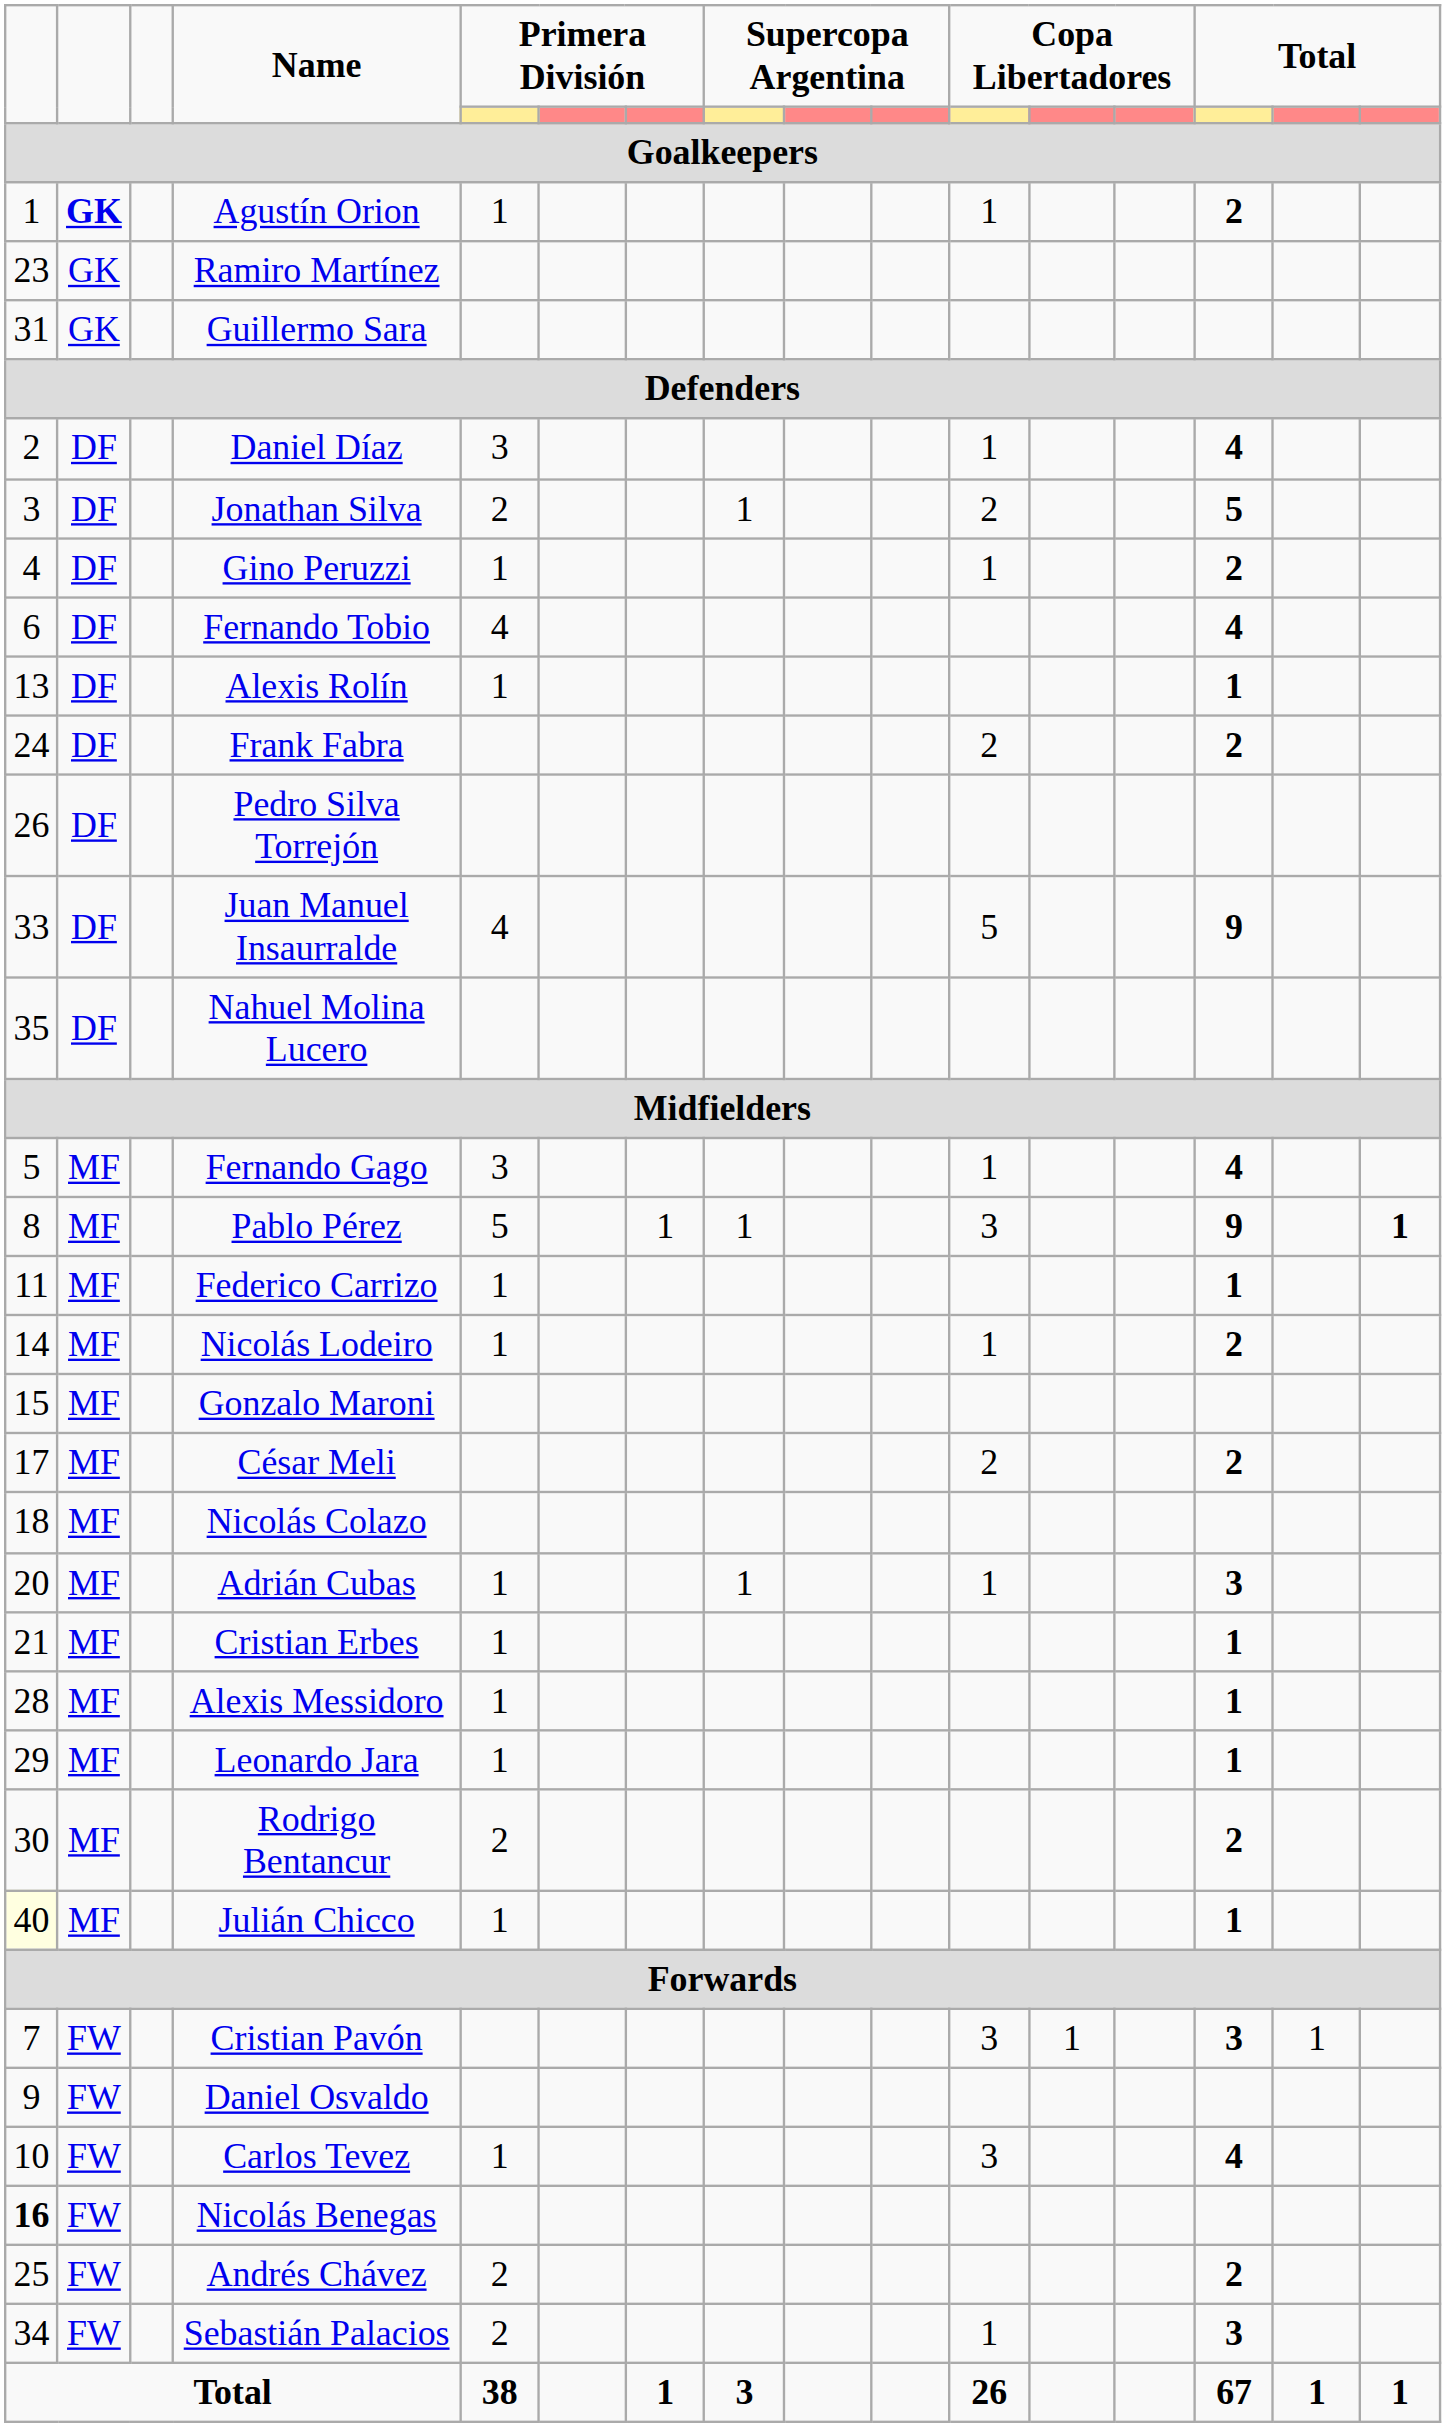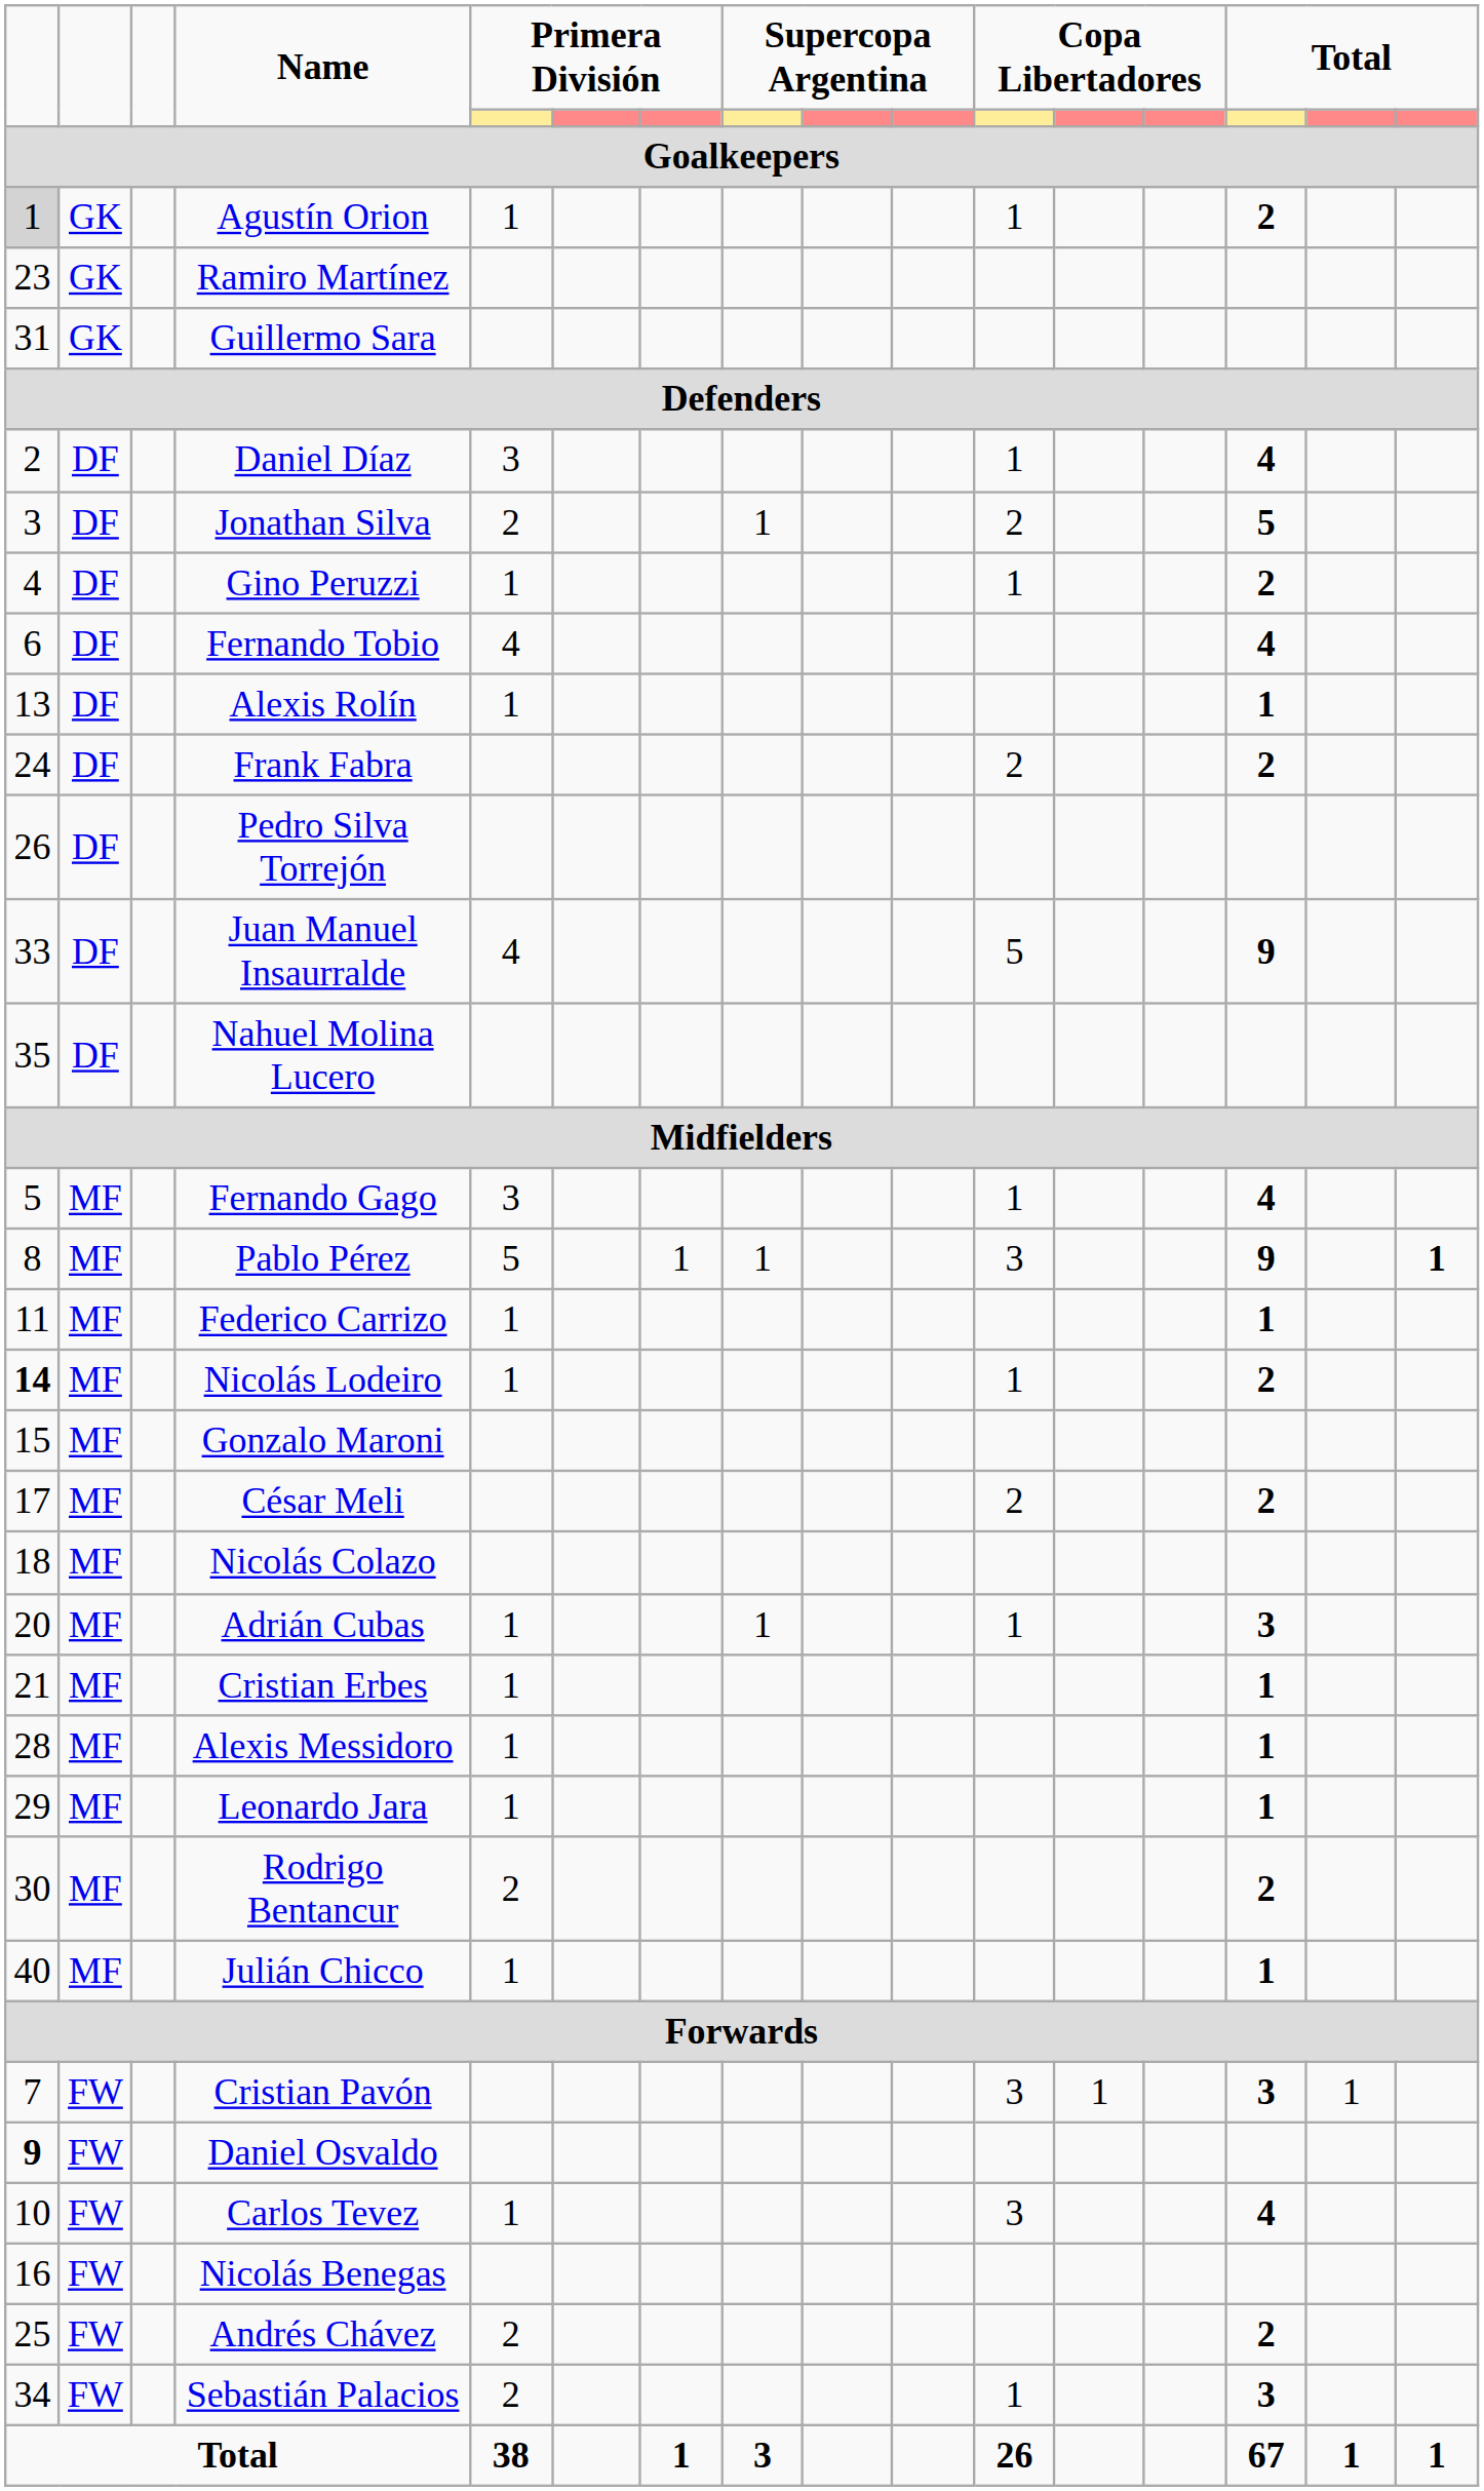 <table class="wikitable" style="font-size: 95%; text-align: center;">
 <tr>
 <td rowspan="2"  style="width:3%; text-align:center;"><strong></strong></td>
 <td rowspan="2"  style="width:3%; text-align:center;"><strong></strong></td>
 <td rowspan="2"  style="width:3%; text-align:center;"><strong></strong></td>
 <td rowspan="2"  style="width:20%; text-align:center;"><strong>Name</strong></td>
 <td colspan="3" style="text-align:center;"><strong>Primera División</strong></td>
 <td colspan="3" style="text-align:center;"><strong>Supercopa Argentina</strong></td>
 <td colspan="3" style="text-align:center;"><strong>Copa Libertadores</strong></td>
 <td colspan="3" style="text-align:center;"><strong>Total</strong></td>
 </tr>
 <tr>
 <th style="width:25px; background:#fe9;"></th>
 <th style="width:28px; background:#ff8888;"></th>
 <th style="width:25px; background:#ff8888;"></th>
 <th style="width:25px; background:#fe9;"></th>
 <th style="width:28px; background:#ff8888;"></th>
 <th style="width:25px; background:#ff8888;"></th>
 <th style="width:25px; background:#fe9;"></th>
 <th style="width:28px; background:#ff8888;"></th>
 <th style="width:25px; background:#ff8888;"></th>
 <th style="width:25px; background:#fe9;"></th>
 <th style="width:28px; background:#ff8888;"></th>
 <th style="width:25px; background:#ff8888;"></th>
 </tr>
 <tr>
 <th colspan="16" style="background:#dcdcdc; text-align:center">Goalkeepers</th>
 </tr>
 <tr>
-<td>1</td>
-<td><strong><a href='#'>GK</a></strong></td>
+<td style="background: lightgrey;">1</td>
+<td><a href='#'>GK</a></td>
 <td></td>
 <td><a href='#'>Agustín Orion</a></td>
 <td>1</td>
 <td></td>
 <td></td>
 <td></td>
 <td></td>
 <td></td>
 <td>1</td>
 <td></td>
 <td></td>
 <td><strong>2</strong></td>
 <td></td>
 <td></td>
 </tr>
 <tr>
 <td>23</td>
 <td><a href='#'>GK</a></td>
 <td></td>
 <td><a href='#'>Ramiro Martínez</a></td>
 <td></td>
 <td></td>
 <td></td>
 <td></td>
 <td></td>
 <td></td>
 <td></td>
 <td></td>
 <td></td>
 <td></td>
 <td></td>
 <td></td>
 </tr>
 <tr>
 <td>31</td>
 <td><a href='#'>GK</a></td>
 <td></td>
 <td><a href='#'>Guillermo Sara</a></td>
 <td></td>
 <td></td>
 <td></td>
 <td></td>
 <td></td>
 <td></td>
 <td></td>
 <td></td>
 <td></td>
 <td></td>
 <td></td>
 <td></td>
 </tr>
 <tr>
 <th colspan="16" style="background:#dcdcdc; text-align:center">Defenders</th>
 </tr>
 <tr>
 <td>2</td>
 <td><a href='#'>DF</a></td>
 <td></td>
 <td><a href='#'>Daniel Díaz</a></td>
 <td>3</td>
 <td></td>
 <td></td>
 <td></td>
 <td></td>
 <td></td>
 <td>1</td>
 <td></td>
 <td></td>
 <td><strong>4</strong></td>
 <td></td>
 <td></td>
 </tr>
 <tr>
 <td>3</td>
 <td><a href='#'>DF</a></td>
 <td></td>
 <td><a href='#'>Jonathan Silva</a></td>
 <td>2</td>
 <td></td>
 <td></td>
 <td>1</td>
 <td></td>
 <td></td>
 <td>2</td>
 <td></td>
 <td></td>
 <td><strong>5</strong></td>
 <td></td>
 <td></td>
 </tr>
 <tr>
 <td>4</td>
 <td><a href='#'>DF</a></td>
 <td></td>
 <td><a href='#'>Gino Peruzzi</a></td>
 <td>1</td>
 <td></td>
 <td></td>
 <td></td>
 <td></td>
 <td></td>
 <td>1</td>
 <td></td>
 <td></td>
 <td><strong>2</strong></td>
 <td></td>
 <td></td>
 </tr>
 <tr>
 <td>6</td>
 <td><a href='#'>DF</a></td>
 <td></td>
 <td><a href='#'>Fernando Tobio</a></td>
 <td>4</td>
 <td></td>
 <td></td>
 <td></td>
 <td></td>
 <td></td>
 <td></td>
 <td></td>
 <td></td>
 <td><strong>4</strong></td>
 <td></td>
 <td></td>
 </tr>
 <tr>
 <td>13</td>
 <td><a href='#'>DF</a></td>
 <td></td>
 <td><a href='#'>Alexis Rolín</a></td>
 <td>1</td>
 <td></td>
 <td></td>
 <td></td>
 <td></td>
 <td></td>
 <td></td>
 <td></td>
 <td></td>
 <td><strong>1</strong></td>
 <td></td>
 <td></td>
 </tr>
 <tr>
 <td>24</td>
 <td><a href='#'>DF</a></td>
 <td></td>
 <td><a href='#'>Frank Fabra</a></td>
 <td></td>
 <td></td>
 <td></td>
 <td></td>
 <td></td>
 <td></td>
 <td>2</td>
 <td></td>
 <td></td>
 <td><strong>2</strong></td>
 <td></td>
 <td></td>
 </tr>
 <tr>
 <td>26</td>
 <td><a href='#'>DF</a></td>
 <td></td>
 <td><a href='#'>Pedro Silva Torrejón</a></td>
 <td></td>
 <td></td>
 <td></td>
 <td></td>
 <td></td>
 <td></td>
 <td></td>
 <td></td>
 <td></td>
 <td></td>
 <td></td>
 <td></td>
 </tr>
 <tr>
 <td>33</td>
 <td><a href='#'>DF</a></td>
 <td></td>
 <td><a href='#'>Juan Manuel Insaurralde</a></td>
 <td>4</td>
 <td></td>
 <td></td>
 <td></td>
 <td></td>
 <td></td>
 <td>5</td>
 <td></td>
 <td></td>
 <td><strong>9</strong></td>
 <td></td>
 <td></td>
 </tr>
 <tr>
 <td>35</td>
 <td><a href='#'>DF</a></td>
 <td></td>
 <td><a href='#'>Nahuel Molina Lucero</a></td>
 <td></td>
 <td></td>
 <td></td>
 <td></td>
 <td></td>
 <td></td>
 <td></td>
 <td></td>
 <td></td>
 <td></td>
 <td></td>
 <td></td>
 </tr>
 <tr>
 <th colspan="16" style="background:#dcdcdc; text-align:center">Midfielders</th>
 </tr>
 <tr>
 <td>5</td>
 <td><a href='#'>MF</a></td>
 <td></td>
 <td><a href='#'>Fernando Gago</a></td>
 <td>3</td>
 <td></td>
 <td></td>
 <td></td>
 <td></td>
 <td></td>
 <td>1</td>
 <td></td>
 <td></td>
 <td><strong>4</strong></td>
 <td></td>
 <td></td>
 </tr>
 <tr>
 <td>8</td>
 <td><a href='#'>MF</a></td>
 <td></td>
 <td><a href='#'>Pablo Pérez</a></td>
 <td>5</td>
 <td></td>
 <td>1</td>
 <td>1</td>
 <td></td>
 <td></td>
 <td>3</td>
 <td></td>
 <td></td>
 <td><strong>9</strong></td>
 <td></td>
 <td><strong>1</strong></td>
 </tr>
 <tr>
 <td>11</td>
 <td><a href='#'>MF</a></td>
 <td></td>
 <td><a href='#'>Federico Carrizo</a></td>
 <td>1</td>
 <td></td>
 <td></td>
 <td></td>
 <td></td>
 <td></td>
 <td></td>
 <td></td>
 <td></td>
 <td><strong>1</strong></td>
 <td></td>
 <td></td>
 </tr>
 <tr>
-<td>14</td>
+<td><strong>14</strong></td>
 <td><a href='#'>MF</a></td>
 <td></td>
 <td><a href='#'>Nicolás Lodeiro</a></td>
 <td>1</td>
 <td></td>
 <td></td>
 <td></td>
 <td></td>
 <td></td>
 <td>1</td>
 <td></td>
 <td></td>
 <td><strong>2</strong></td>
 <td></td>
 <td></td>
 </tr>
 <tr>
 <td>15</td>
 <td><a href='#'>MF</a></td>
 <td></td>
 <td><a href='#'>Gonzalo Maroni</a></td>
 <td></td>
 <td></td>
 <td></td>
 <td></td>
 <td></td>
 <td></td>
 <td></td>
 <td></td>
 <td></td>
 <td></td>
 <td></td>
 <td></td>
 </tr>
 <tr>
 <td>17</td>
 <td><a href='#'>MF</a></td>
 <td></td>
 <td><a href='#'>César Meli</a></td>
 <td></td>
 <td></td>
 <td></td>
 <td></td>
 <td></td>
 <td></td>
 <td>2</td>
 <td></td>
 <td></td>
 <td><strong>2</strong></td>
 <td></td>
 <td></td>
 </tr>
 <tr>
 <td>18</td>
 <td><a href='#'>MF</a></td>
 <td></td>
 <td><a href='#'>Nicolás Colazo</a></td>
 <td></td>
 <td></td>
 <td></td>
 <td></td>
 <td></td>
 <td></td>
 <td></td>
 <td></td>
 <td></td>
 <td></td>
 <td></td>
 <td></td>
 </tr>
 <tr>
 <td>20</td>
 <td><a href='#'>MF</a></td>
 <td></td>
 <td><a href='#'>Adrián Cubas</a></td>
 <td>1</td>
 <td></td>
 <td></td>
 <td>1</td>
 <td></td>
 <td></td>
 <td>1</td>
 <td></td>
 <td></td>
 <td><strong>3</strong></td>
 <td></td>
 <td></td>
 </tr>
 <tr>
 <td>21</td>
 <td><a href='#'>MF</a></td>
 <td></td>
 <td><a href='#'>Cristian Erbes</a></td>
 <td>1</td>
 <td></td>
 <td></td>
 <td></td>
 <td></td>
 <td></td>
 <td></td>
 <td></td>
 <td></td>
 <td><strong>1</strong></td>
 <td></td>
 <td></td>
 </tr>
 <tr>
 <td>28</td>
 <td><a href='#'>MF</a></td>
 <td></td>
 <td><a href='#'>Alexis Messidoro</a></td>
 <td>1</td>
 <td></td>
 <td></td>
 <td></td>
 <td></td>
 <td></td>
 <td></td>
 <td></td>
 <td></td>
 <td><strong>1</strong></td>
 <td></td>
 <td></td>
 </tr>
 <tr>
 <td>29</td>
 <td><a href='#'>MF</a></td>
 <td></td>
 <td><a href='#'>Leonardo Jara</a></td>
 <td>1</td>
 <td></td>
 <td></td>
 <td></td>
 <td></td>
 <td></td>
 <td></td>
 <td></td>
 <td></td>
 <td><strong>1</strong></td>
 <td></td>
 <td></td>
 </tr>
 <tr>
 <td>30</td>
 <td><a href='#'>MF</a></td>
 <td></td>
 <td><a href='#'>Rodrigo Bentancur</a></td>
 <td>2</td>
 <td></td>
 <td></td>
 <td></td>
 <td></td>
 <td></td>
 <td></td>
 <td></td>
 <td></td>
 <td><strong>2</strong></td>
 <td></td>
 <td></td>
 </tr>
 <tr>
-<td style="background: lightyellow;">40</td>
+<td>40</td>
 <td><a href='#'>MF</a></td>
 <td></td>
 <td><a href='#'>Julián Chicco</a></td>
 <td>1</td>
 <td></td>
 <td></td>
 <td></td>
 <td></td>
 <td></td>
 <td></td>
 <td></td>
 <td></td>
 <td><strong>1</strong></td>
 <td></td>
 <td></td>
 </tr>
 <tr>
 <th colspan="16" style="background:#dcdcdc; text-align:center">Forwards</th>
 </tr>
 <tr>
 <td>7</td>
 <td><a href='#'>FW</a></td>
 <td></td>
 <td><a href='#'>Cristian Pavón</a></td>
 <td></td>
 <td></td>
 <td></td>
 <td></td>
 <td></td>
 <td></td>
 <td>3</td>
 <td>1</td>
 <td></td>
 <td><strong>3</strong></td>
 <td>1</td>
 <td></td>
 </tr>
 <tr>
-<td>9</td>
+<td><strong>9</strong></td>
 <td><a href='#'>FW</a></td>
 <td></td>
 <td><a href='#'>Daniel Osvaldo</a></td>
 <td></td>
 <td></td>
 <td></td>
 <td></td>
 <td></td>
 <td></td>
 <td></td>
 <td></td>
 <td></td>
 <td></td>
 <td></td>
 <td></td>
 </tr>
 <tr>
 <td>10</td>
 <td><a href='#'>FW</a></td>
 <td></td>
 <td><a href='#'>Carlos Tevez</a></td>
 <td>1</td>
 <td></td>
 <td></td>
 <td></td>
 <td></td>
 <td></td>
 <td>3</td>
 <td></td>
 <td></td>
 <td><strong>4</strong></td>
 <td></td>
 <td></td>
 </tr>
 <tr>
-<td><strong>16</strong></td>
+<td>16</td>
 <td><a href='#'>FW</a></td>
 <td></td>
 <td><a href='#'>Nicolás Benegas</a></td>
 <td></td>
 <td></td>
 <td></td>
 <td></td>
 <td></td>
 <td></td>
 <td></td>
 <td></td>
 <td></td>
 <td></td>
 <td></td>
 <td></td>
 </tr>
 <tr>
 <td>25</td>
 <td><a href='#'>FW</a></td>
 <td></td>
 <td><a href='#'>Andrés Chávez</a></td>
 <td>2</td>
 <td></td>
 <td></td>
 <td></td>
 <td></td>
 <td></td>
 <td></td>
 <td></td>
 <td></td>
 <td><strong>2</strong></td>
 <td></td>
 <td></td>
 </tr>
 <tr>
 <td>34</td>
 <td><a href='#'>FW</a></td>
 <td></td>
 <td><a href='#'>Sebastián Palacios</a></td>
 <td>2</td>
 <td></td>
 <td></td>
 <td></td>
 <td></td>
 <td></td>
 <td>1</td>
 <td></td>
 <td></td>
 <td><strong>3</strong></td>
 <td></td>
 <td></td>
 </tr>
 <tr>
 <td colspan=4><strong>Total</strong></td>
 <td><strong>38</strong></td>
 <td></td>
 <td><strong>1</strong></td>
 <td><strong>3</strong></td>
 <td></td>
 <td></td>
 <td><strong>26</strong></td>
 <td></td>
 <td></td>
 <td><strong>67</strong></td>
 <td><strong>1</strong></td>
 <td><strong>1</strong></td>
 </tr>
 </table>
